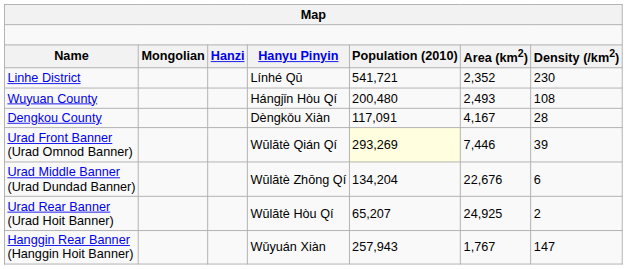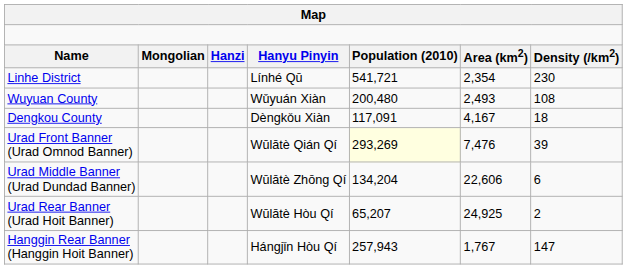 <table class="wikitable"  style="font-size:90%;" align=center>
 <tr>
 <th colspan="8" align="center">Map</th>
 </tr>
 <tr>
 <td colspan="8" align="center"><div><br>          </div></td>
 </tr>
 <tr>
 <th>Name</th>
 <th>Mongolian</th>
 <th><a href='#'>Hanzi</a></th>
 <th><a href='#'>Hanyu Pinyin</a></th>
 <th>Population (2010)</th>
 <th>Area (km<sup>2</sup>)</th>
 <th>Density (/km<sup>2</sup>)</th>
 </tr>
 <tr>
 <td><a href='#'>Linhe District</a></td>
 <td><br></td>
 <td></td>
 <td>Línhé Qū</td>
 <td>541,721</td>
-<td>2,352</td>
+<td>2,354</td>
 <td>230</td>
 </tr>
 <tr>
 <td><a href='#'>Wuyuan County</a></td>
 <td><br></td>
 <td></td>
-<td>Hángjǐn Hòu Qí</td>
+<td>Wǔyuán Xiàn</td>
 <td>200,480</td>
 <td>2,493</td>
 <td>108</td>
 </tr>
 <tr>
 <td><a href='#'>Dengkou County</a></td>
 <td><br></td>
 <td></td>
 <td>Dèngkǒu Xiàn</td>
 <td>117,091</td>
 <td>4,167</td>
-<td>28</td>
+<td>18</td>
 </tr>
 <tr>
 <td><a href='#'>Urad Front Banner</a><br>(Urad Omnod Banner)</td>
 <td><br></td>
 <td></td>
 <td>Wūlātè Qián Qí</td>
 <td style="background: lightyellow;">293,269</td>
-<td>7,446</td>
+<td>7,476</td>
 <td>39</td>
 </tr>
 <tr>
 <td><a href='#'>Urad Middle Banner</a><br>(Urad Dundad Banner)</td>
 <td><br></td>
 <td></td>
 <td>Wūlātè Zhōng Qí</td>
 <td>134,204</td>
-<td>22,676</td>
+<td>22,606</td>
 <td>6</td>
 </tr>
 <tr>
 <td><a href='#'>Urad Rear Banner</a><br>(Urad Hoit Banner)</td>
 <td><br></td>
 <td></td>
 <td>Wūlātè Hòu Qí</td>
 <td>65,207</td>
 <td>24,925</td>
 <td>2</td>
 </tr>
 <tr>
 <td><a href='#'>Hanggin Rear Banner</a><br>(Hanggin Hoit Banner)</td>
 <td><br></td>
 <td></td>
-<td>Wǔyuán Xiàn</td>
+<td>Hángjǐn Hòu Qí</td>
 <td>257,943</td>
 <td>1,767</td>
 <td>147</td>
 </tr>
 </table>
